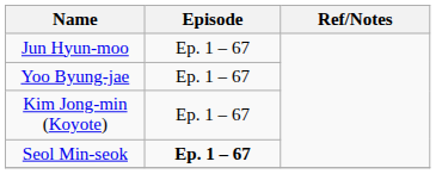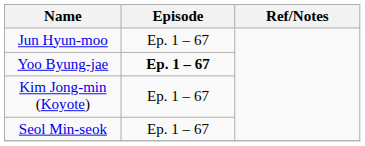 <table class=wikitable style=text-align:center;width:30%>
 <tr>
 <th width=10%>Name</th>
 <th width=10%>Episode</th>
 <th width=10%>Ref/Notes</th>
 </tr>
 <tr>
 <td><a href='#'>Jun Hyun-moo</a></td>
 <td>Ep. 1 – 67</td>
 <td rowspan=4></td>
 </tr>
 <tr>
 <td><a href='#'>Yoo Byung-jae</a></td>
-<td>Ep. 1 – 67</td>
+<td><strong>Ep. 1 – 67</strong></td>
 </tr>
 <tr>
 <td><a href='#'>Kim Jong-min</a> (<a href='#'>Koyote</a>)</td>
 <td>Ep. 1 – 67</td>
 </tr>
 <tr>
 <td><a href='#'>Seol Min-seok</a></td>
-<td><strong>Ep. 1 – 67</strong></td>
+<td>Ep. 1 – 67</td>
 </tr>
 <tr>
 </tr>
 </table>
